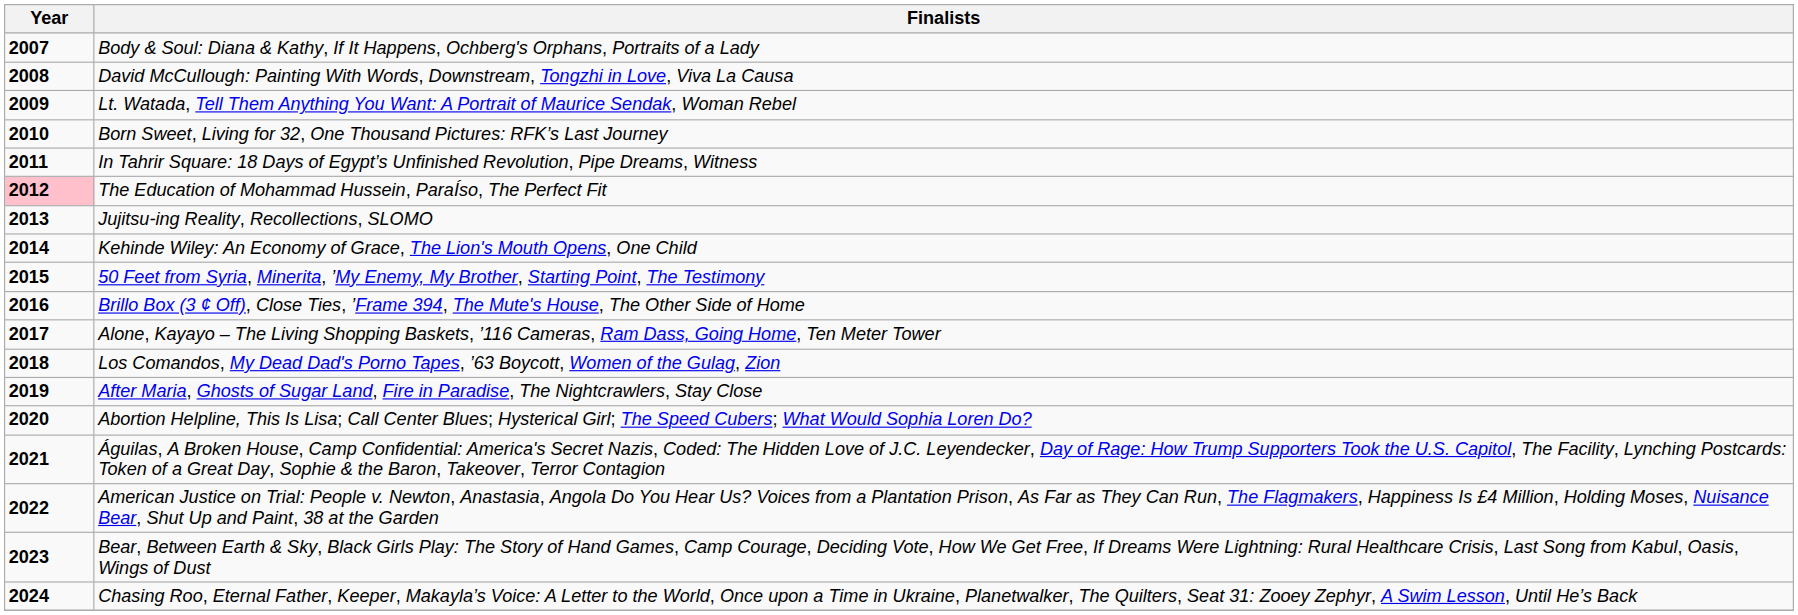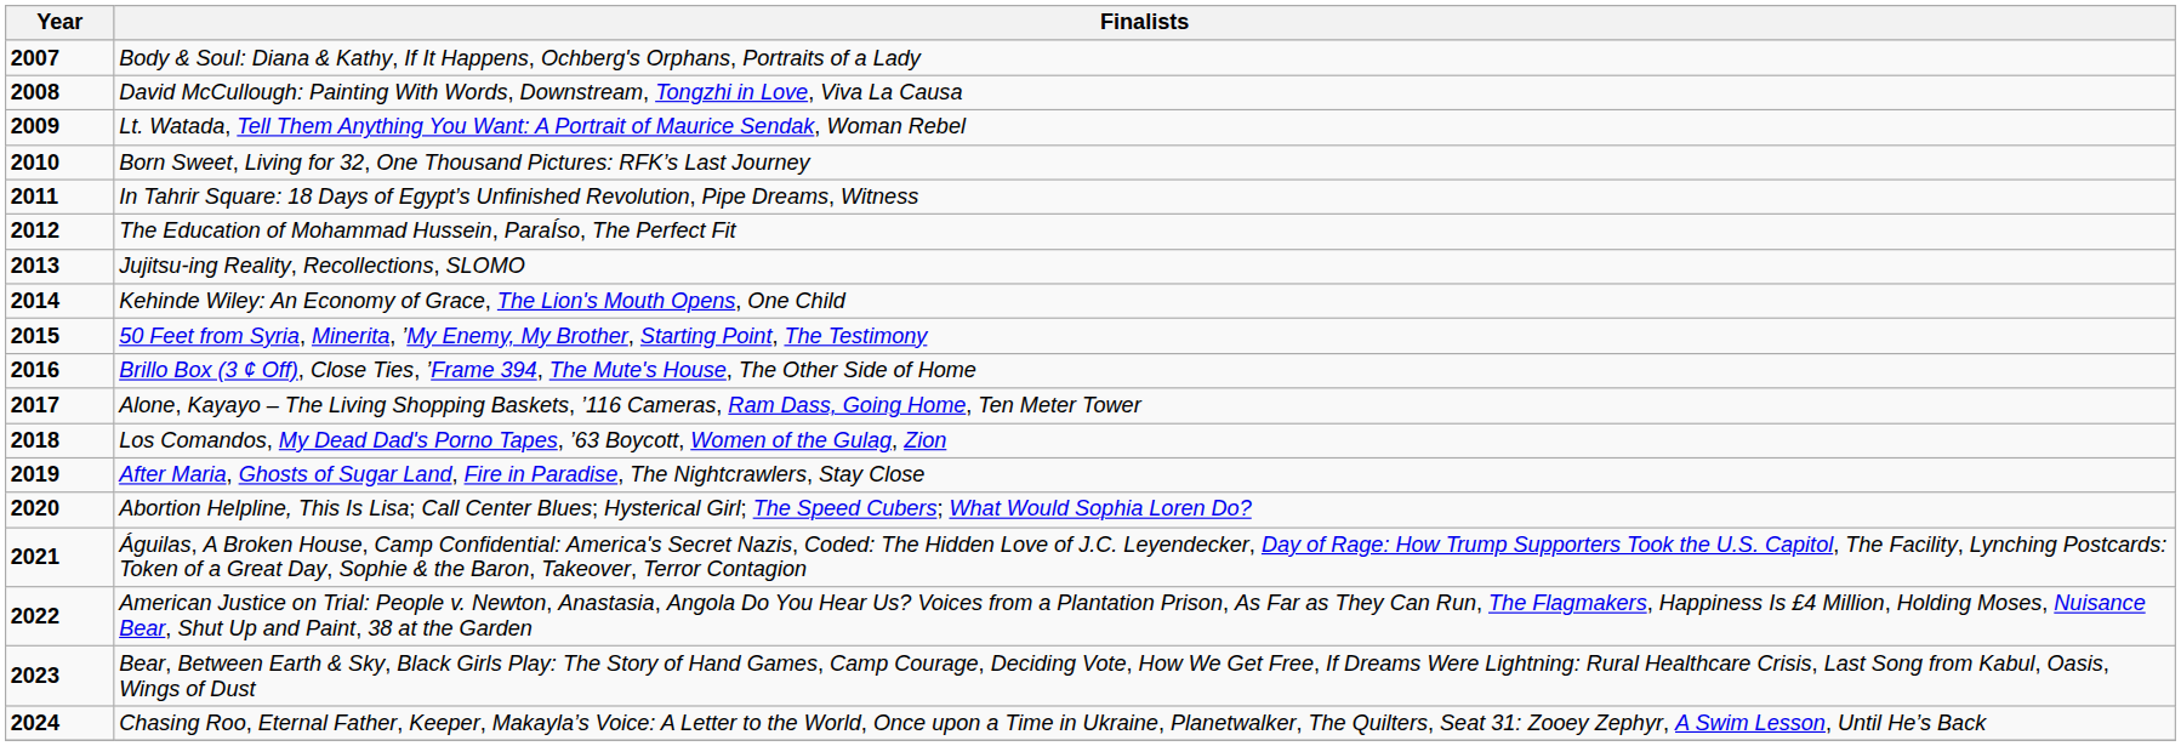 <table class="wikitable" style="width:100%">
 <tr bgcolor="#bebebe">
 <th width="5%">Year</th>
 <th width="95%">Finalists</th>
 </tr>
 <tr>
 <td><strong>2007</strong></td>
 <td><em>Body & Soul: Diana & Kathy</em>, <em>If It Happens</em>, <em>Ochberg's Orphans</em>, <em>Portraits of a Lady</em></td>
 </tr>
 <tr>
 <td><strong>2008</strong></td>
 <td><em>David McCullough: Painting With Words</em>, <em>Downstream</em>, <em><a href='#'>Tongzhi in Love</a></em>, <em>Viva La Causa </em></td>
 </tr>
 <tr>
 <td><strong>2009</strong></td>
 <td><em>Lt. Watada</em>, <em><a href='#'>Tell Them Anything You Want: A Portrait of Maurice Sendak</a></em>, <em>Woman Rebel</em></td>
 </tr>
 <tr>
 <td><strong>2010</strong></td>
 <td><em>Born Sweet</em>, <em>Living for 32</em>, <em>One Thousand Pictures: RFK’s Last Journey</em></td>
 </tr>
 <tr>
 <td><strong>2011</strong></td>
 <td><em>In Tahrir Square: 18 Days of Egypt’s Unfinished Revolution</em>, <em>Pipe Dreams</em>, <em>Witness</em></td>
 </tr>
 <tr>
-<td style="background: pink;"><strong>2012</strong></td>
+<td><strong>2012</strong></td>
 <td><em>The Education of Mohammad Hussein</em>, <em>ParaÍso</em>, <em>The Perfect Fit</em></td>
 </tr>
 <tr>
 <td><strong>2013</strong></td>
 <td><em>Jujitsu-ing Reality</em>, <em>Recollections</em>, <em>SLOMO</em></td>
 </tr>
 <tr>
 <td><strong>2014</strong></td>
 <td><em>Kehinde Wiley: An Economy of Grace</em>, <em><a href='#'>The Lion's Mouth Opens</a></em>, <em>One Child</em></td>
 </tr>
 <tr>
 <td><strong>2015</strong></td>
 <td><em><a href='#'>50 Feet from Syria</a></em>, <em><a href='#'>Minerita</a></em>, <em>’<a href='#'>My Enemy, My Brother</a></em>, <em><a href='#'>Starting Point</a></em>, <em><a href='#'>The Testimony</a></em></td>
 </tr>
 <tr>
 <td><strong>2016</strong></td>
 <td><em><a href='#'>Brillo Box (3 ¢ Off)</a></em>, <em>Close Ties</em>, <em>’<a href='#'>Frame 394</a></em>, <em><a href='#'>The Mute's House</a></em>, <em>The Other Side of Home</em></td>
 </tr>
 <tr>
 <td><strong>2017</strong></td>
 <td><em>Alone</em>, <em>Kayayo – The Living Shopping Baskets</em>, <em>’116 Cameras</em>, <em><a href='#'>Ram Dass, Going Home</a></em>, <em>Ten Meter Tower</em></td>
 </tr>
 <tr>
 <td><strong>2018</strong></td>
 <td><em>Los Comandos</em>, <em><a href='#'>My Dead Dad's Porno Tapes</a></em>, <em>’63 Boycott</em>, <em><a href='#'>Women of the Gulag</a></em>, <em><a href='#'>Zion</a></em></td>
 </tr>
 <tr>
 <td><strong>2019</strong></td>
 <td><em><a href='#'>After Maria</a></em>, <em><a href='#'>Ghosts of Sugar Land</a></em>, <em><a href='#'>Fire in Paradise</a></em>, <em>The Nightcrawlers</em>, <em>Stay Close</em></td>
 </tr>
 <tr>
 <td><strong>2020</strong></td>
 <td><em>Abortion Helpline, This Is Lisa</em>; <em>Call Center Blues</em>; <em>Hysterical Girl</em>; <em><a href='#'>The Speed Cubers</a></em>; <em><a href='#'>What Would Sophia Loren Do?</a></em></td>
 </tr>
 <tr>
 <td><strong>2021</strong></td>
 <td><em>Águilas</em>, <em>A Broken House</em>, <em>Camp Confidential: America's Secret Nazis</em>, <em>Coded: The Hidden Love of J.C. Leyendecker</em>, <em><a href='#'>Day of Rage: How Trump Supporters Took the U.S. Capitol</a></em>, <em>The Facility</em>, <em>Lynching Postcards: Token of a Great Day</em>, <em>Sophie & the Baron</em>, <em>Takeover</em>, <em>Terror Contagion</em></td>
 </tr>
 <tr>
 <td><strong>2022</strong></td>
 <td><em>American Justice on Trial: People v. Newton</em>, <em>Anastasia</em>, <em>Angola Do You Hear Us? Voices from a Plantation Prison</em>, <em>As Far as They Can Run</em>, <em><a href='#'>The Flagmakers</a></em>, <em>Happiness Is £4 Million</em>, <em>Holding Moses</em>, <em><a href='#'>Nuisance Bear</a></em>, <em>Shut Up and Paint</em>, <em>38 at the Garden</em></td>
 </tr>
 <tr>
 <td><strong>2023</strong></td>
 <td><em>Bear</em>, <em>Between Earth & Sky</em>, <em>Black Girls Play: The Story of Hand Games</em>, <em>Camp Courage</em>, <em>Deciding Vote</em>, <em>How We Get Free</em>, <em>If Dreams Were Lightning: Rural Healthcare Crisis</em>, <em>Last Song from Kabul</em>, <em>Oasis</em>, <em>Wings of Dust</em></td>
 </tr>
 <tr>
 <td><strong>2024</strong></td>
 <td><em>Chasing Roo</em>, <em>Eternal Father</em>, <em>Keeper</em>, <em>Makayla’s Voice: A Letter to the World</em>, <em>Once upon a Time in Ukraine</em>, <em>Planetwalker</em>, <em>The Quilters</em>, <em>Seat 31: Zooey Zephyr</em>, <em><a href='#'>A Swim Lesson</a></em>, <em>Until He’s Back</em></td>
 </tr>
 <tr>
 </tr>
 </table>
